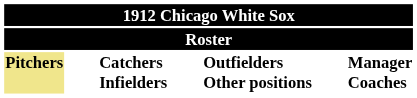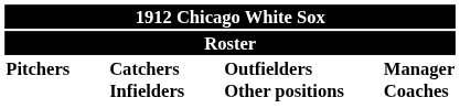 <table class="toccolours" style="font-size: 95%;">
 <tr>
 <th colspan="10" style="background-color: black; color: white; text-align: center;">1912 Chicago White Sox</th>
 </tr>
 <tr>
 <td colspan="10" style="background-color: black; color: white; text-align: center;"><strong>Roster</strong></td>
 </tr>
 <tr>
-<td valign="top" style="background: khaki;"><strong>Pitchers</strong><br>                </td>
+<td valign="top"><strong>Pitchers</strong><br>                </td>
 <td width="25px"></td>
 <td valign="top"><strong>Catchers</strong><br>      <strong>Infielders</strong>           </td>
 <td width="25px"></td>
 <td valign="top"><strong>Outfielders</strong><br>       <strong>Other positions</strong>   </td>
 <td width="25px"></td>
 <td valign="top"><strong>Manager</strong><br> <strong>Coaches</strong> </td>
 </tr>
 </table>
